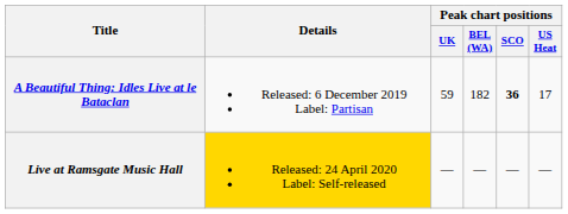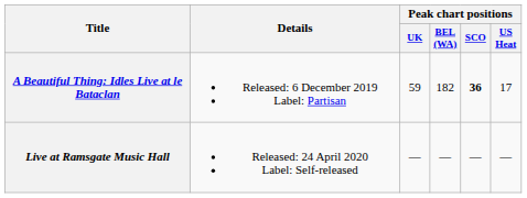 <table class="wikitable plainrowheaders" style="text-align:center;">
 <tr>
 <th scope="col" style="width:15em;" rowspan="2">Title</th>
 <th scope="col" style="width:17em;" rowspan="2">Details</th>
 <th scope="col" colspan="10">Peak chart positions</th>
 </tr>
 <tr>
 <th scope="col" style="width:2.5em;font-size:85%;"><a href='#'>UK</a><br></th>
 <th scope="col" style="width:2.5em;font-size:85%;"><a href='#'>BEL<br>(WA)</a><br></th>
 <th scope="col" style="width:2.5em;font-size:85%;"><a href='#'>SCO</a><br></th>
 <th scope="col" style="width:2.5em;font-size:85%;"><a href='#'>US<br>Heat</a><br></th>
 </tr>
 <tr>
 <th scope="row"><em><a href='#'>A Beautiful Thing: Idles Live at le Bataclan</a></em></th>
 <td><br><ul><li>Released: 6 December 2019</li><li>Label: <a href='#'>Partisan</a></li></ul></td>
 <td>59</td>
 <td>182</td>
 <td><strong>36</strong></td>
 <td>17</td>
 </tr>
 <tr>
 <th scope="row"><em>Live at Ramsgate Music Hall</em></th>
-<td style="background: gold;"><br><ul><li>Released: 24 April 2020</li><li>Label: Self-released</li></ul></td>
+<td><br><ul><li>Released: 24 April 2020</li><li>Label: Self-released</li></ul></td>
 <td>—</td>
 <td>—</td>
 <td>—</td>
 <td>—</td>
 </tr>
 </table>
